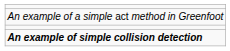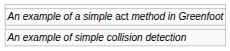 <table class="wikitable" style="float: right; clear: right; margin: 0 0 1em 1em;">
 <tr>
 <td></td>
 </tr>
 <tr>
 <td><em>An example of a simple </em>act<em> method in Greenfoot</em></td>
 </tr>
 <tr>
 <td></td>
 </tr>
 <tr>
-<td><strong><em>An example of simple collision detection</em></strong></td>
+<td><em>An example of simple collision detection</em></td>
 </tr>
 </table>
